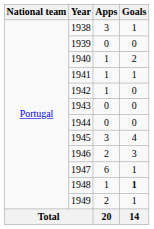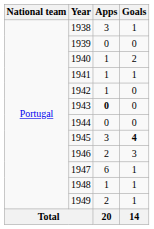 <table class=wikitable style=text-align:center>
 <tr>
 <th>National team</th>
 <th>Year</th>
 <th>Apps</th>
 <th>Goals</th>
 </tr>
 <tr>
 <td rowspan="12"><a href='#'>Portugal</a></td>
 <td>1938</td>
 <td>3</td>
 <td>1</td>
 </tr>
 <tr>
 <td>1939</td>
 <td>0</td>
 <td>0</td>
 </tr>
 <tr>
 <td>1940</td>
 <td>1</td>
 <td>2</td>
 </tr>
 <tr>
 <td>1941</td>
 <td>1</td>
 <td>1</td>
 </tr>
 <tr>
 <td>1942</td>
 <td>1</td>
 <td>0</td>
 </tr>
 <tr>
 <td>1943</td>
-<td>0</td>
+<td><strong>0</strong></td>
 <td>0</td>
 </tr>
 <tr>
 <td>1944</td>
 <td>0</td>
 <td>0</td>
 </tr>
 <tr>
 <td>1945</td>
 <td>3</td>
-<td>4</td>
+<td><strong>4</strong></td>
 </tr>
 <tr>
 <td>1946</td>
 <td>2</td>
 <td>3</td>
 </tr>
 <tr>
 <td>1947</td>
 <td>6</td>
 <td>1</td>
 </tr>
 <tr>
 <td>1948</td>
 <td>1</td>
-<td><strong>1</strong></td>
+<td>1</td>
 </tr>
 <tr>
 <td>1949</td>
 <td>2</td>
 <td>1</td>
 </tr>
 <tr>
 <th colspan="2">Total</th>
 <th>20</th>
 <th>14</th>
 </tr>
 </table>
